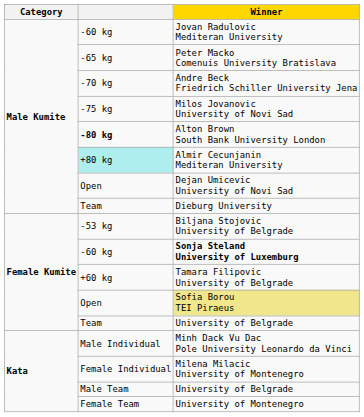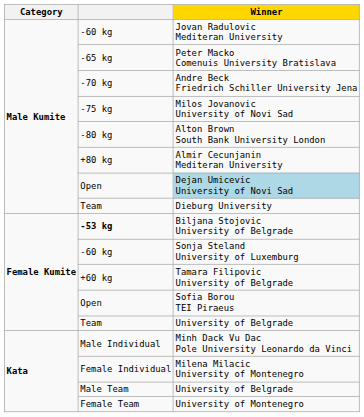 <table class=wikitable style="font-size:90%;">
 <tr>
 <th>Category</th>
 <th></th>
 <th style="background:#FFD700;">Winner</th>
 </tr>
 <tr>
 <td rowspan=8><strong>Male Kumite</strong></td>
 <td>-60 kg</td>
 <td>Jovan Radulovic<br> Mediteran University<br> </td>
 </tr>
 <tr>
 <td>-65 kg</td>
 <td>Peter Macko<br> Comenuis University Bratislava <br></td>
 </tr>
 <tr>
 <td>-70 kg</td>
 <td>Andre Beck<br>Friedrich Schiller University Jena <br></td>
 </tr>
 <tr>
 <td>-75 kg</td>
 <td>Milos Jovanovic<br> University of Novi Sad  <br></td>
 </tr>
 <tr>
-<td><strong>-80 kg</strong></td>
+<td>-80 kg</td>
 <td>Alton Brown<br> South Bank University London <br></td>
 </tr>
 <tr>
-<td style="background: paleturquoise;">+80 kg</td>
+<td>+80 kg</td>
 <td>Almir Cecunjanin<br> Mediteran University <br></td>
 </tr>
 <tr>
 <td>Open</td>
-<td>Dejan Umicevic<br> University of Novi Sad <br></td>
+<td style="background: lightblue;">Dejan Umicevic<br> University of Novi Sad <br></td>
 </tr>
 <tr>
 <td>Team</td>
 <td>Dieburg University <br></td>
 </tr>
 <tr>
 <td rowspan=5><strong>Female Kumite</strong></td>
-<td>-53 kg</td>
+<td><strong>-53 kg</strong></td>
 <td>Biljana Stojovic<br> University of Belgrade <br> </td>
 </tr>
 <tr>
 <td>-60 kg</td>
-<td><strong>Sonja Steland<br> University of Luxemburg <br> </strong></td>
+<td>Sonja Steland<br> University of Luxemburg <br> </td>
 </tr>
 <tr>
 <td>+60 kg</td>
 <td>Tamara Filipovic<br> University of Belgrade <br> </td>
 </tr>
 <tr>
 <td>Open</td>
-<td style="background: khaki;">Sofia Borou<br> TEI Piraeus <br> </td>
+<td>Sofia Borou<br> TEI Piraeus <br> </td>
 </tr>
 <tr>
 <td>Team</td>
 <td>University of Belgrade <br> </td>
 </tr>
 <tr>
 <td rowspan=4><strong>Kata</strong></td>
 <td>Male Individual</td>
 <td>Minh Dack Vu Dac<br> Pole University Leonardo da Vinci<br> </td>
 </tr>
 <tr>
 <td>Female Individual</td>
 <td>Milena Milacic<br> University of Montenegro <br> </td>
 </tr>
 <tr>
 <td>Male Team</td>
 <td>University of Belgrade <br> </td>
 </tr>
 <tr>
 <td>Female Team</td>
 <td>University of Montenegro <br> </td>
 </tr>
 </table>
